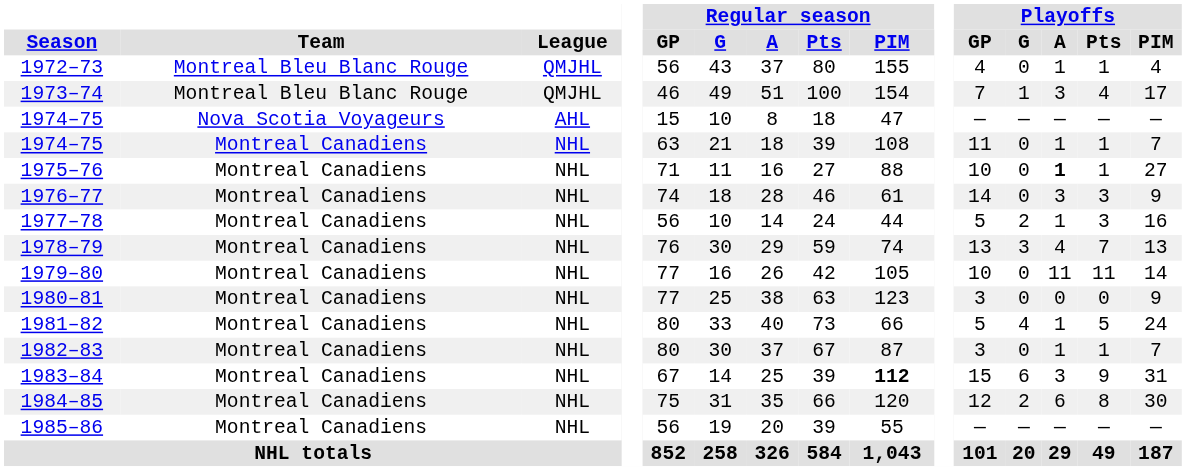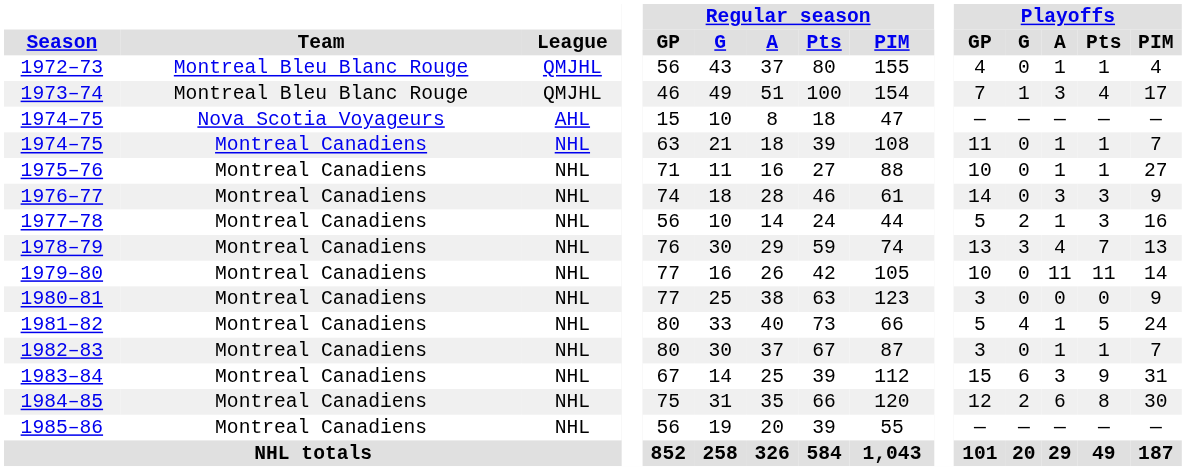 <table border="0" cellpadding="1" cellspacing="0" style="text-align:center; width:60em;">
 <tr style="background:#e0e0e0;">
 <th colspan="3"  bgcolor="#ffffff"> </th>
 <th rowspan="99" bgcolor="#ffffff"> </th>
 <th colspan="5"><a href='#'>Regular season</a></th>
 <th rowspan="99" bgcolor="#ffffff"> </th>
 <th colspan="5"><a href='#'>Playoffs</a></th>
 </tr>
 <tr style="background:#e0e0e0;">
 <th><a href='#'>Season</a></th>
 <th>Team</th>
 <th>League</th>
 <th>GP</th>
 <th><a href='#'>G</a></th>
 <th><a href='#'>A</a></th>
 <th><a href='#'>Pts</a></th>
 <th><a href='#'>PIM</a></th>
 <th>GP</th>
 <th>G</th>
 <th>A</th>
 <th>Pts</th>
 <th>PIM</th>
 </tr>
 <tr>
 <td><a href='#'>1972–73</a></td>
 <td><a href='#'>Montreal Bleu Blanc Rouge</a></td>
 <td><a href='#'>QMJHL</a></td>
 <td>56</td>
 <td>43</td>
 <td>37</td>
 <td>80</td>
 <td>155</td>
 <td>4</td>
 <td>0</td>
 <td>1</td>
 <td>1</td>
 <td>4</td>
 </tr>
 <tr style="background:#f0f0f0;">
 <td><a href='#'>1973–74</a></td>
 <td>Montreal Bleu Blanc Rouge</td>
 <td>QMJHL</td>
 <td>46</td>
 <td>49</td>
 <td>51</td>
 <td>100</td>
 <td>154</td>
 <td>7</td>
 <td>1</td>
 <td>3</td>
 <td>4</td>
 <td>17</td>
 </tr>
 <tr>
 <td><a href='#'>1974–75</a></td>
 <td><a href='#'>Nova Scotia Voyageurs</a></td>
 <td><a href='#'>AHL</a></td>
 <td>15</td>
 <td>10</td>
 <td>8</td>
 <td>18</td>
 <td>47</td>
 <td>—</td>
 <td>—</td>
 <td>—</td>
 <td>—</td>
 <td>—</td>
 </tr>
 <tr style="background:#f0f0f0;">
 <td><a href='#'>1974–75</a></td>
 <td><a href='#'>Montreal Canadiens</a></td>
 <td><a href='#'>NHL</a></td>
 <td>63</td>
 <td>21</td>
 <td>18</td>
 <td>39</td>
 <td>108</td>
 <td>11</td>
 <td>0</td>
 <td>1</td>
 <td>1</td>
 <td>7</td>
 </tr>
 <tr>
 <td><a href='#'>1975–76</a></td>
 <td>Montreal Canadiens</td>
 <td>NHL</td>
 <td>71</td>
 <td>11</td>
 <td>16</td>
 <td>27</td>
 <td>88</td>
 <td>10</td>
 <td>0</td>
-<td><strong>1</strong></td>
+<td>1</td>
 <td>1</td>
 <td>27</td>
 </tr>
 <tr style="background:#f0f0f0;">
 <td><a href='#'>1976–77</a></td>
 <td>Montreal Canadiens</td>
 <td>NHL</td>
 <td>74</td>
 <td>18</td>
 <td>28</td>
 <td>46</td>
 <td>61</td>
 <td>14</td>
 <td>0</td>
 <td>3</td>
 <td>3</td>
 <td>9</td>
 </tr>
 <tr>
 <td><a href='#'>1977–78</a></td>
 <td>Montreal Canadiens</td>
 <td>NHL</td>
 <td>56</td>
 <td>10</td>
 <td>14</td>
 <td>24</td>
 <td>44</td>
 <td>5</td>
 <td>2</td>
 <td>1</td>
 <td>3</td>
 <td>16</td>
 </tr>
 <tr style="background:#f0f0f0;">
 <td><a href='#'>1978–79</a></td>
 <td>Montreal Canadiens</td>
 <td>NHL</td>
 <td>76</td>
 <td>30</td>
 <td>29</td>
 <td>59</td>
 <td>74</td>
 <td>13</td>
 <td>3</td>
 <td>4</td>
 <td>7</td>
 <td>13</td>
 </tr>
 <tr>
 <td><a href='#'>1979–80</a></td>
 <td>Montreal Canadiens</td>
 <td>NHL</td>
 <td>77</td>
 <td>16</td>
 <td>26</td>
 <td>42</td>
 <td>105</td>
 <td>10</td>
 <td>0</td>
 <td>11</td>
 <td>11</td>
 <td>14</td>
 </tr>
 <tr style="background:#f0f0f0;">
 <td><a href='#'>1980–81</a></td>
 <td>Montreal Canadiens</td>
 <td>NHL</td>
 <td>77</td>
 <td>25</td>
 <td>38</td>
 <td>63</td>
 <td>123</td>
 <td>3</td>
 <td>0</td>
 <td>0</td>
 <td>0</td>
 <td>9</td>
 </tr>
 <tr>
 <td><a href='#'>1981–82</a></td>
 <td>Montreal Canadiens</td>
 <td>NHL</td>
 <td>80</td>
 <td>33</td>
 <td>40</td>
 <td>73</td>
 <td>66</td>
 <td>5</td>
 <td>4</td>
 <td>1</td>
 <td>5</td>
 <td>24</td>
 </tr>
 <tr style="background:#f0f0f0;">
 <td><a href='#'>1982–83</a></td>
 <td>Montreal Canadiens</td>
 <td>NHL</td>
 <td>80</td>
 <td>30</td>
 <td>37</td>
 <td>67</td>
 <td>87</td>
 <td>3</td>
 <td>0</td>
 <td>1</td>
 <td>1</td>
 <td>7</td>
 </tr>
 <tr>
 <td><a href='#'>1983–84</a></td>
 <td>Montreal Canadiens</td>
 <td>NHL</td>
 <td>67</td>
 <td>14</td>
 <td>25</td>
 <td>39</td>
-<td><strong>112</strong></td>
+<td>112</td>
 <td>15</td>
 <td>6</td>
 <td>3</td>
 <td>9</td>
 <td>31</td>
 </tr>
 <tr style="background:#f0f0f0;">
 <td><a href='#'>1984–85</a></td>
 <td>Montreal Canadiens</td>
 <td>NHL</td>
 <td>75</td>
 <td>31</td>
 <td>35</td>
 <td>66</td>
 <td>120</td>
 <td>12</td>
 <td>2</td>
 <td>6</td>
 <td>8</td>
 <td>30</td>
 </tr>
 <tr>
 <td><a href='#'>1985–86</a></td>
 <td>Montreal Canadiens</td>
 <td>NHL</td>
 <td>56</td>
 <td>19</td>
 <td>20</td>
 <td>39</td>
 <td>55</td>
 <td>—</td>
 <td>—</td>
 <td>—</td>
 <td>—</td>
 <td>—</td>
 </tr>
 <tr style="background:#e0e0e0;">
 <th colspan="3">NHL totals</th>
 <th>852</th>
 <th>258</th>
 <th>326</th>
 <th>584</th>
 <th>1,043</th>
 <th>101</th>
 <th>20</th>
 <th>29</th>
 <th>49</th>
 <th>187</th>
 </tr>
 </table>
